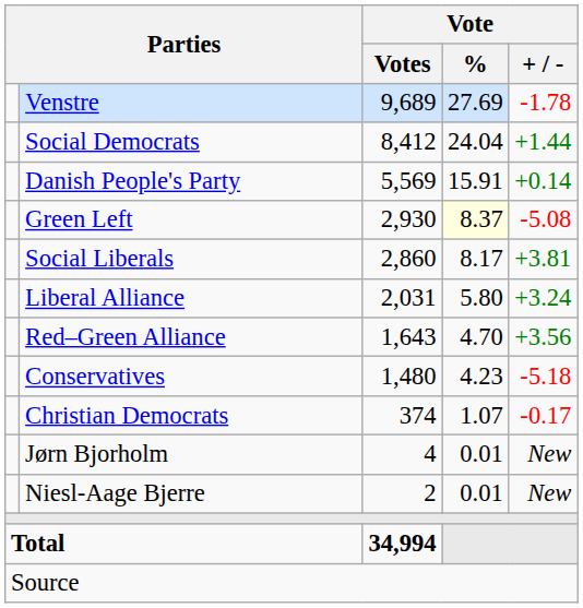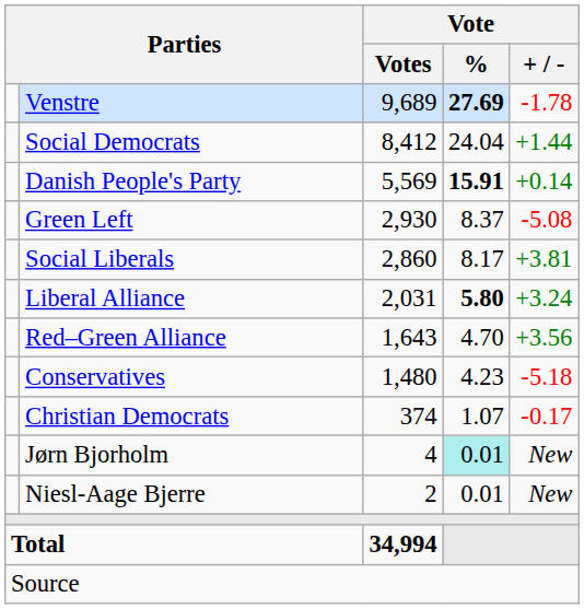 <table class="wikitable" style="text-align:right;">
 <tr>
 <th style="text-align:centre;" rowspan="2" colspan="2" width="225">Parties</th>
 <th colspan="3">Vote</th>
 </tr>
 <tr>
 <th width="15">Votes</th>
 <th width="15">%</th>
 <th width="15">+ / -</th>
 </tr>
 <tr>
 <td width="2" style="color:inherit;background:"></td>
 <td bgcolor=#cfe5fe  align="left"><a href='#'>Venstre</a></td>
 <td bgcolor=#cfe5fe>9,689</td>
-<td bgcolor=#cfe5fe>27.69</td>
+<td bgcolor=#cfe5fe><strong>27.69</strong></td>
 <td style=color:red;>-1.78</td>
 </tr>
 <tr>
 <td width="2" style="color:inherit;background:"></td>
 <td align="left"><a href='#'>Social Democrats</a></td>
 <td>8,412</td>
 <td>24.04</td>
 <td style=color:green;>+1.44</td>
 </tr>
 <tr>
 <td width="2" style="color:inherit;background:"></td>
 <td align="left"><a href='#'>Danish People's Party</a></td>
 <td>5,569</td>
-<td>15.91</td>
+<td><strong>15.91</strong></td>
 <td style=color:green;>+0.14</td>
 </tr>
 <tr>
 <td width="2" style="color:inherit;background:"></td>
 <td align="left"><a href='#'>Green Left</a></td>
 <td>2,930</td>
-<td style="background: lightyellow;">8.37</td>
+<td>8.37</td>
 <td style=color:red;>-5.08</td>
 </tr>
 <tr>
 <td width="2" style="color:inherit;background:"></td>
 <td align="left"><a href='#'>Social Liberals</a></td>
 <td>2,860</td>
 <td>8.17</td>
 <td style=color:green;>+3.81</td>
 </tr>
 <tr>
 <td width="2" style="color:inherit;background:"></td>
 <td align="left"><a href='#'>Liberal Alliance</a></td>
 <td>2,031</td>
-<td>5.80</td>
+<td><strong>5.80</strong></td>
 <td style=color:green;>+3.24</td>
 </tr>
 <tr>
 <td width="2" style="color:inherit;background:"></td>
 <td align="left"><a href='#'>Red–Green Alliance</a></td>
 <td>1,643</td>
 <td>4.70</td>
 <td style=color:green;>+3.56</td>
 </tr>
 <tr>
 <td width="2" style="color:inherit;background:"></td>
 <td align="left"><a href='#'>Conservatives</a></td>
 <td>1,480</td>
 <td>4.23</td>
 <td style=color:red;>-5.18</td>
 </tr>
 <tr>
 <td width="2" style="color:inherit;background:"></td>
 <td align="left"><a href='#'>Christian Democrats</a></td>
 <td>374</td>
 <td>1.07</td>
 <td style=color:red;>-0.17</td>
 </tr>
 <tr>
 <td width="2" style="color:inherit;background:"></td>
 <td align="left">Jørn Bjorholm</td>
 <td>4</td>
-<td>0.01</td>
+<td style="background: paleturquoise;">0.01</td>
 <td><em>New</em></td>
 </tr>
 <tr>
 <td width="2" style="color:inherit;background:"></td>
 <td align="left">Niesl-Aage Bjerre</td>
 <td>2</td>
 <td>0.01</td>
 <td><em>New</em></td>
 </tr>
 <tr>
 <td colspan="7" bgcolor="#E9E9E9"></td>
 </tr>
 <tr>
 <td align="left" colspan="2"><strong>Total</strong></td>
 <td><strong>34,994</strong></td>
 <td bgcolor="#E9E9E9" colspan="2"></td>
 </tr>
 <tr>
 <td align="left" colspan="6">Source</td>
 </tr>
 </table>
